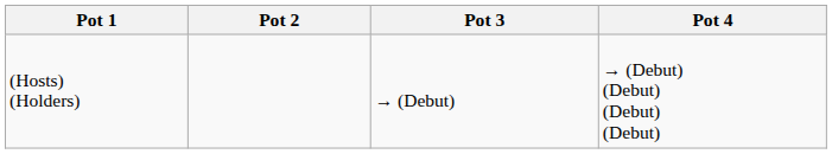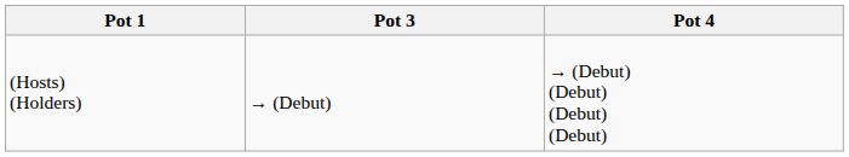 <table class="wikitable" style="font-size:99%; text-align:left;" width="80%">
 <tr>
 <th width="20%">Pot 1</th>
-<th width="20%">Pot 2</th>
 <th width="25%">Pot 3</th>
 <th width="25%">Pot 4</th>
 </tr>
 <tr>
 <td><br> (Hosts) <br> (Holders) <br> <br></td>
-<td><br> <br> <br> <br></td>
 <td><br> <br><s></s> →  (Debut) <br> <br></td>
 <td><br><s></s> →  (Debut) <br> (Debut) <br> (Debut) <br> (Debut)</td>
 </tr>
 </table>
